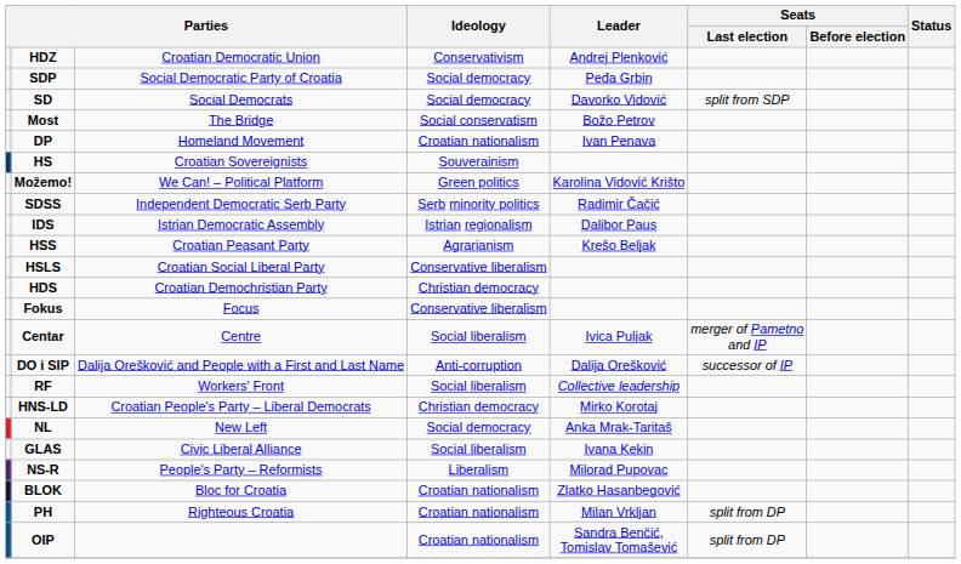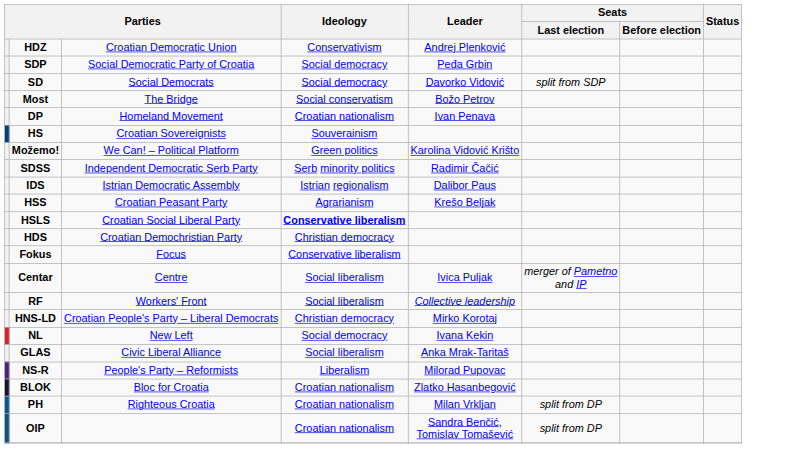 <table class="wikitable" style="text-align:center">
 <tr>
 <th colspan="3" rowspan="2">Parties</th>
 <th rowspan="2">Ideology</th>
 <th rowspan="2">Leader</th>
 <th colspan="2">Seats</th>
 <th rowspan="2">Status</th>
 </tr>
 <tr>
 <th>Last election</th>
 <th>Before election</th>
 </tr>
 <tr>
 <th style="background-color:"></th>
 <td><strong>HDZ</strong></td>
 <td><a href='#'>Croatian Democratic Union</a></td>
 <td><a href='#'>Conservativism</a></td>
 <td><a href='#'>Andrej Plenković</a></td>
 <td></td>
 <td></td>
 <td></td>
 </tr>
 <tr>
 <th style="background-color:"></th>
 <td><strong>SDP</strong></td>
 <td><a href='#'>Social Democratic Party of Croatia</a></td>
 <td><a href='#'>Social democracy</a></td>
 <td><a href='#'>Peđa Grbin</a></td>
 <td></td>
 <td></td>
 <td></td>
 </tr>
 <tr>
 <th style="background-color:"></th>
 <td><strong>SD</strong></td>
 <td><a href='#'>Social Democrats</a></td>
 <td><a href='#'>Social democracy</a></td>
 <td><a href='#'>Davorko Vidović</a></td>
 <td><em>split from SDP</em></td>
 <td></td>
 <td></td>
 </tr>
 <tr>
 <th style="background-color:"></th>
 <td><strong>Most</strong></td>
 <td><a href='#'>The Bridge</a></td>
 <td><a href='#'>Social conservatism</a></td>
 <td><a href='#'>Božo Petrov</a></td>
 <td></td>
 <td></td>
 <td></td>
 </tr>
 <tr>
 <th style="background-color:"></th>
 <td><strong>DP</strong></td>
 <td><a href='#'>Homeland Movement</a></td>
 <td><a href='#'>Croatian nationalism</a></td>
 <td><a href='#'>Ivan Penava</a></td>
 <td></td>
 <td></td>
 <td></td>
 </tr>
 <tr>
 <th style="background-color: #033E7C"></th>
 <td><strong>HS</strong></td>
 <td><a href='#'>Croatian Sovereignists</a></td>
 <td><a href='#'>Souverainism</a></td>
 <td></td>
 <td></td>
 <td></td>
 <td></td>
 </tr>
 <tr>
 <th style="background-color:"></th>
 <td><strong>Možemo!</strong></td>
 <td><a href='#'>We Can! – Political Platform</a></td>
 <td><a href='#'>Green politics</a></td>
 <td><a href='#'>Karolina Vidović Krišto</a></td>
 <td></td>
 <td></td>
 <td></td>
 </tr>
 <tr>
 <th style="background-color:"></th>
 <td><strong>SDSS</strong></td>
 <td><a href='#'>Independent Democratic Serb Party</a></td>
 <td><a href='#'>Serb</a> <a href='#'>minority politics</a></td>
 <td><a href='#'>Radimir Čačić</a></td>
 <td></td>
 <td></td>
 <td></td>
 </tr>
 <tr>
 <th style="background-color:"></th>
 <td><strong>IDS</strong></td>
 <td><a href='#'>Istrian Democratic Assembly</a></td>
 <td><a href='#'>Istrian</a> <a href='#'>regionalism</a></td>
 <td><a href='#'>Dalibor Paus</a></td>
 <td></td>
 <td></td>
 <td></td>
 </tr>
 <tr>
 <th style="background-color:"></th>
 <td><strong>HSS</strong></td>
 <td><a href='#'>Croatian Peasant Party</a></td>
 <td><a href='#'>Agrarianism</a></td>
 <td><a href='#'>Krešo Beljak</a></td>
 <td></td>
 <td></td>
 <td></td>
 </tr>
 <tr>
 <th style="background-color:"></th>
 <td><strong>HSLS</strong></td>
 <td><a href='#'>Croatian Social Liberal Party</a></td>
-<td><a href='#'>Conservative liberalism</a></td>
+<td><strong><a href='#'>Conservative liberalism</a></strong></td>
 <td></td>
 <td></td>
 <td></td>
 <td></td>
 </tr>
 <tr>
 <th style="background-color:"></th>
 <td><strong>HDS</strong></td>
 <td><a href='#'>Croatian Demochristian Party</a></td>
 <td><a href='#'>Christian democracy</a></td>
 <td></td>
 <td></td>
 <td></td>
 <td></td>
 </tr>
 <tr>
 <th style="background-color:"></th>
 <td><strong>Fokus</strong></td>
 <td><a href='#'>Focus</a></td>
 <td><a href='#'>Conservative liberalism</a></td>
 <td></td>
 <td></td>
 <td></td>
 <td></td>
 </tr>
 <tr>
 <th style="background-color:"></th>
 <td><strong>Centar</strong></td>
 <td><a href='#'>Centre</a></td>
 <td><a href='#'>Social liberalism</a></td>
 <td><a href='#'>Ivica Puljak</a></td>
 <td><em>merger of <a href='#'>Pametno</a><br>and <a href='#'>IP</a></em></td>
 <td></td>
 <td></td>
 </tr>
 <tr>
 <th style="background-color:"></th>
-<td><strong>DO i SIP</strong></td>
-<td><a href='#'>Dalija Orešković and People with a First and Last Name</a></td>
-<td><a href='#'>Anti-corruption</a></td>
-<td><a href='#'>Dalija Orešković</a></td>
-<td><em>successor of <a href='#'>IP</a></em></td>
-<td></td>
-<td></td>
-</tr>
-<tr>
-<th style="background-color:"></th>
 <td><strong>RF</strong></td>
 <td><a href='#'>Workers' Front</a></td>
 <td><a href='#'>Social liberalism</a></td>
 <td><em><a href='#'>Collective leadership</a></em></td>
 <td></td>
 <td></td>
 <td></td>
 </tr>
 <tr>
 <th style="background-color:"></th>
 <td><strong>HNS-LD</strong></td>
 <td><a href='#'>Croatian People's Party – Liberal Democrats</a></td>
 <td><a href='#'>Christian democracy</a></td>
 <td><a href='#'>Mirko Korotaj</a></td>
 <td></td>
 <td></td>
 <td></td>
 </tr>
 <tr>
 <th style="background-color: #DF2027"></th>
 <td><strong>NL</strong></td>
 <td><a href='#'>New Left</a></td>
 <td><a href='#'>Social democracy</a></td>
-<td><a href='#'>Anka Mrak-Taritaš</a></td>
+<td><a href='#'>Ivana Kekin</a></td>
 <td></td>
 <td></td>
 <td></td>
 </tr>
 <tr>
 <th style="background-color:"></th>
 <td><strong>GLAS</strong></td>
 <td><a href='#'>Civic Liberal Alliance</a></td>
 <td><a href='#'>Social liberalism</a></td>
-<td><a href='#'>Ivana Kekin</a></td>
+<td><a href='#'>Anka Mrak-Taritaš</a></td>
 <td></td>
 <td></td>
 <td></td>
 </tr>
 <tr>
 <th style="background-color:#4A217B"></th>
 <td><strong>NS-R</strong></td>
 <td><a href='#'>People's Party – Reformists</a></td>
 <td><a href='#'>Liberalism</a></td>
 <td><a href='#'>Milorad Pupovac</a></td>
 <td></td>
 <td></td>
 <td></td>
 </tr>
 <tr>
 <th style="background-color:#151434"></th>
 <td><strong>BLOK</strong></td>
 <td><a href='#'>Bloc for Croatia</a></td>
 <td><a href='#'>Croatian nationalism</a></td>
 <td><a href='#'>Zlatko Hasanbegović</a></td>
 <td></td>
 <td></td>
 <td></td>
 </tr>
 <tr>
 <th style="background-color:#095495"></th>
 <td><strong>PH</strong></td>
 <td><a href='#'>Righteous Croatia</a></td>
 <td><a href='#'>Croatian nationalism</a></td>
 <td><a href='#'>Milan Vrkljan</a></td>
 <td><em>split from DP</em></td>
 <td></td>
 <td></td>
 </tr>
 <tr>
 <th style="background-color:#095481"></th>
 <td><strong>OIP</strong></td>
 <td></td>
 <td><a href='#'>Croatian nationalism</a></td>
 <td><a href='#'>Sandra Benčić</a>,<br><a href='#'>Tomislav Tomašević</a></td>
 <td><em>split from DP</em></td>
 <td></td>
 <td></td>
 </tr>
 <tr>
 </tr>
 </table>
